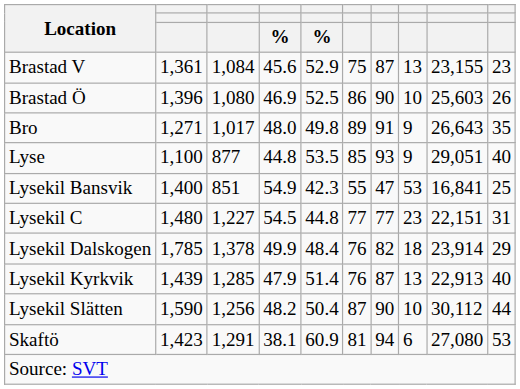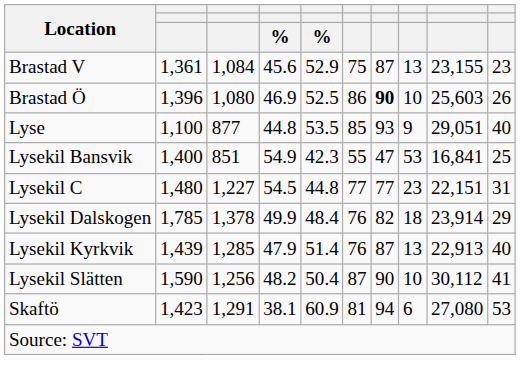 <table role="presentation" class="wikitable sortable mw-collapsible">
 <tr>
 <th rowspan="3">Location</th>
 <th></th>
 <th></th>
 <th></th>
 <th></th>
 <th></th>
 <th></th>
 <th></th>
 <th></th>
 <th></th>
 </tr>
 <tr>
 <th></th>
 <th></th>
 <th style="background:"></th>
 <th style="background:"></th>
 <th></th>
 <th></th>
 <th></th>
 <th></th>
 <th></th>
 </tr>
 <tr>
 <th data-sort-type="number"></th>
 <th data-sort-type="number"></th>
 <th data-sort-type="number">%</th>
 <th data-sort-type="number">%</th>
 <th data-sort-type="number"></th>
 <th data-sort-type="number"></th>
 <th data-sort-type="number"></th>
 <th data-sort-type="number"></th>
 <th data-sort-type="number"></th>
 </tr>
 <tr>
 <td align="left">Brastad V</td>
 <td>1,361</td>
 <td>1,084</td>
 <td>45.6</td>
 <td>52.9</td>
 <td>75</td>
 <td>87</td>
 <td>13</td>
 <td>23,155</td>
 <td>23</td>
 </tr>
 <tr>
 <td align="left">Brastad Ö</td>
 <td>1,396</td>
 <td>1,080</td>
 <td>46.9</td>
 <td>52.5</td>
 <td>86</td>
-<td>90</td>
+<td><strong>90</strong></td>
 <td>10</td>
 <td>25,603</td>
 <td>26</td>
-</tr>
-<tr>
-<td align="left">Bro</td>
-<td>1,271</td>
-<td>1,017</td>
-<td>48.0</td>
-<td>49.8</td>
-<td>89</td>
-<td>91</td>
-<td>9</td>
-<td>26,643</td>
-<td>35</td>
 </tr>
 <tr>
 <td align="left">Lyse</td>
 <td>1,100</td>
 <td>877</td>
 <td>44.8</td>
 <td>53.5</td>
 <td>85</td>
 <td>93</td>
 <td>9</td>
 <td>29,051</td>
 <td>40</td>
 </tr>
 <tr>
 <td align="left">Lysekil Bansvik</td>
 <td>1,400</td>
 <td>851</td>
 <td>54.9</td>
 <td>42.3</td>
 <td>55</td>
 <td>47</td>
 <td>53</td>
 <td>16,841</td>
 <td>25</td>
 </tr>
 <tr>
 <td align="left">Lysekil C</td>
 <td>1,480</td>
 <td>1,227</td>
 <td>54.5</td>
 <td>44.8</td>
 <td>77</td>
 <td>77</td>
 <td>23</td>
 <td>22,151</td>
 <td>31</td>
 </tr>
 <tr>
 <td align="left">Lysekil Dalskogen</td>
 <td>1,785</td>
 <td>1,378</td>
 <td>49.9</td>
 <td>48.4</td>
 <td>76</td>
 <td>82</td>
 <td>18</td>
 <td>23,914</td>
 <td>29</td>
 </tr>
 <tr>
 <td align="left">Lysekil Kyrkvik</td>
 <td>1,439</td>
 <td>1,285</td>
 <td>47.9</td>
 <td>51.4</td>
 <td>76</td>
 <td>87</td>
 <td>13</td>
 <td>22,913</td>
 <td>40</td>
 </tr>
 <tr>
 <td align="left">Lysekil Slätten</td>
 <td>1,590</td>
 <td>1,256</td>
 <td>48.2</td>
 <td>50.4</td>
 <td>87</td>
 <td>90</td>
 <td>10</td>
 <td>30,112</td>
-<td>44</td>
+<td>41</td>
 </tr>
 <tr>
 <td align="left">Skaftö</td>
 <td>1,423</td>
 <td>1,291</td>
 <td>38.1</td>
 <td>60.9</td>
 <td>81</td>
 <td>94</td>
 <td>6</td>
 <td>27,080</td>
 <td>53</td>
 </tr>
 <tr>
 <td colspan="10" align="left">Source: <a href='#'>SVT</a></td>
 </tr>
 </table>
